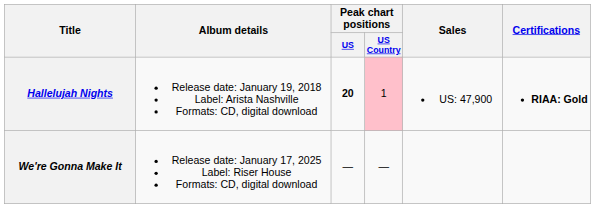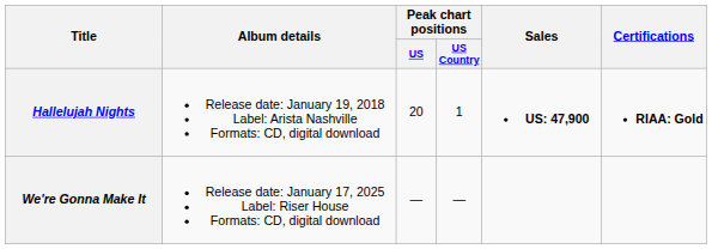 <table class="wikitable plainrowheaders" style="text-align:center;">
 <tr>
 <th style="width:12em;" rowspan="2">Title</th>
 <th style="width:18em;" rowspan="2">Album details</th>
 <th colspan="2">Peak chart<br>positions</th>
 <th style="width:9em;" rowspan="2">Sales</th>
 <th rowspan="2"><a href='#'>Certifications</a></th>
 </tr>
 <tr style="font-size:smaller;">
 <th style="width:45px;"><a href='#'>US</a><br></th>
 <th style="width:45px;"><a href='#'>US<br>Country</a><br></th>
 </tr>
 <tr>
 <th scope="row"><em><a href='#'>Hallelujah Nights</a></em></th>
 <td><br><ul><li>Release date: January 19, 2018</li><li>Label: Arista Nashville</li><li>Formats: CD, digital download</li></ul></td>
-<td><strong>20</strong></td>
-<td style="background: pink;">1</td>
-<td><br><ul><li>US: 47,900</li></ul></td>
+<td>20</td>
+<td>1</td>
+<td><strong><br><ul><li>US: 47,900</li></ul></strong></td>
 <td><strong><br><ul><li>RIAA: Gold</li></ul></strong></td>
 </tr>
 <tr>
 <th scope="row"><em>We're Gonna Make It</em></th>
 <td><br><ul><li>Release date: January 17, 2025</li><li>Label: Riser House</li><li>Formats: CD, digital download</li></ul></td>
 <td>—</td>
 <td>—</td>
 <td></td>
 <td></td>
 </tr>
 </table>
